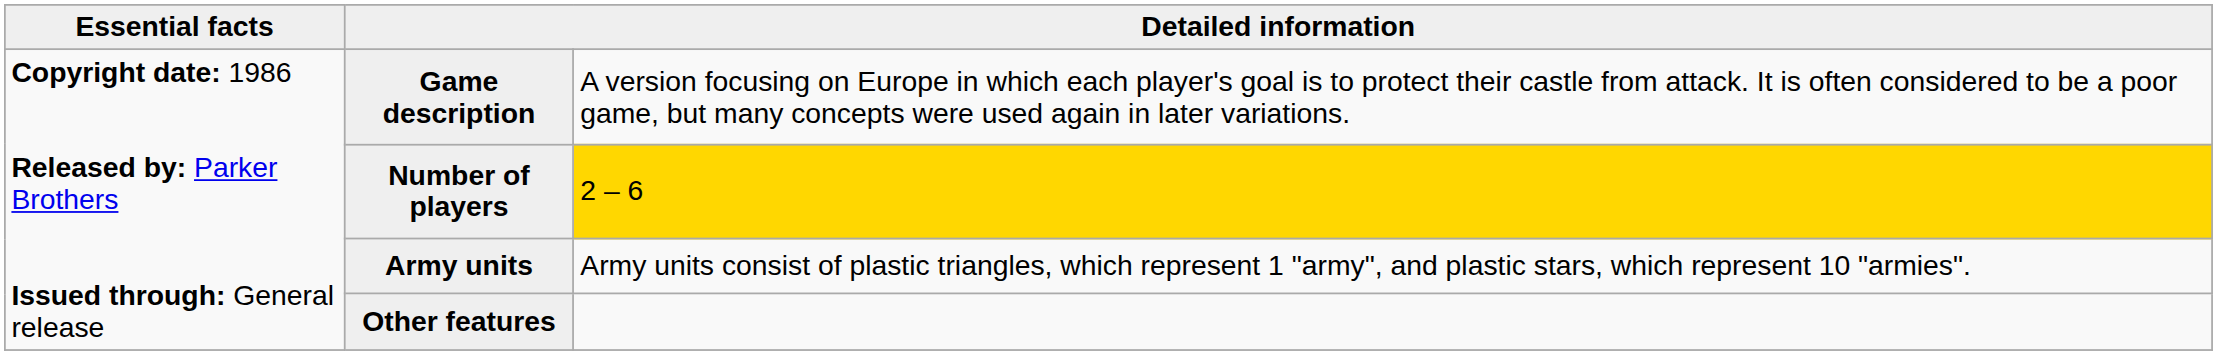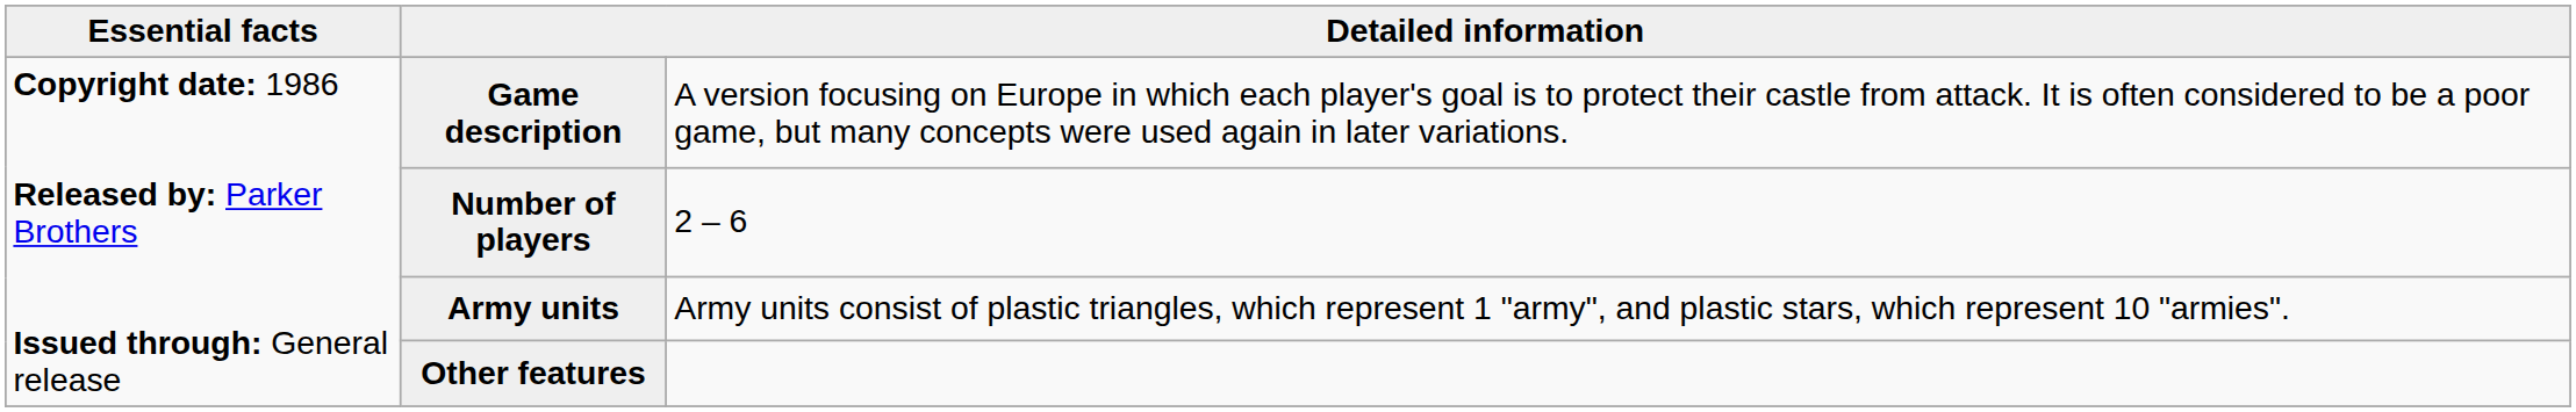 <table class="wikitable">
 <tr>
 <th style="background:#efefef;">Essential facts</th>
 <th style="background:#efefef;" colspan=2>Detailed information</th>
 </tr>
 <tr>
 <td rowspan=4><strong>Copyright date:</strong> 1986 <br><br><br> <strong>Released by:</strong> <a href='#'>Parker Brothers</a> <br><br><br> <strong>Issued through:</strong> General release</td>
 <th style="background:#efefef;">Game description</th>
 <td>A version focusing on Europe in which each player's goal is to protect their castle from attack. It is often considered to be a poor game, but many concepts were used again in later variations.</td>
 </tr>
 <tr>
 <th style="background:#efefef;">Number of players</th>
-<td style="background: gold;">2 – 6</td>
+<td>2 – 6</td>
 </tr>
 <tr>
 <th style="background:#efefef;">Army units</th>
 <td>Army units consist of plastic triangles, which represent 1 "army", and plastic stars, which represent 10 "armies".</td>
 </tr>
 <tr>
 <th style="background:#efefef;">Other features</th>
 <td></td>
 </tr>
 </table>
